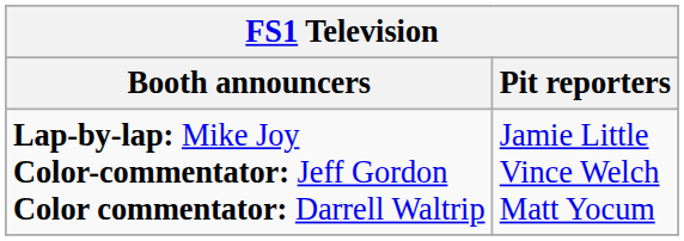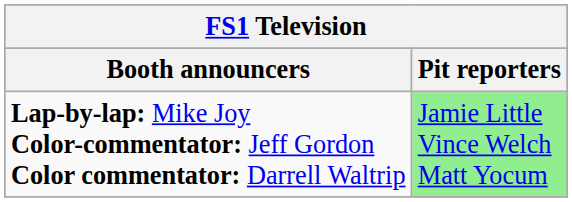 <table class="wikitable" style="font-size: 95%;">
 <tr>
 <th colspan="2"><a href='#'>FS1</a> Television</th>
 </tr>
 <tr>
 <th>Booth announcers</th>
 <th>Pit reporters</th>
 </tr>
 <tr>
 <td><strong>Lap-by-lap:</strong> <a href='#'>Mike Joy</a><br><strong>Color-commentator:</strong> <a href='#'>Jeff Gordon</a><br><strong>Color commentator:</strong> <a href='#'>Darrell Waltrip</a></td>
-<td><a href='#'>Jamie Little</a><br><a href='#'>Vince Welch</a><br><a href='#'>Matt Yocum</a></td>
+<td style="background: lightgreen;"><a href='#'>Jamie Little</a><br><a href='#'>Vince Welch</a><br><a href='#'>Matt Yocum</a></td>
 </tr>
 </table>
